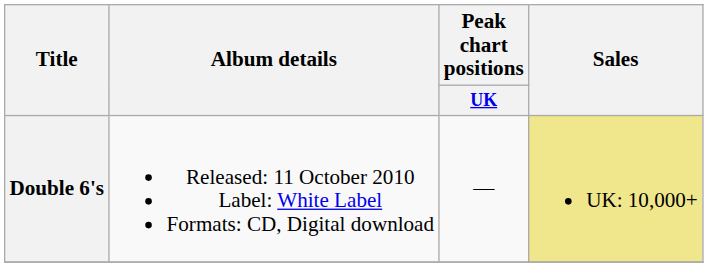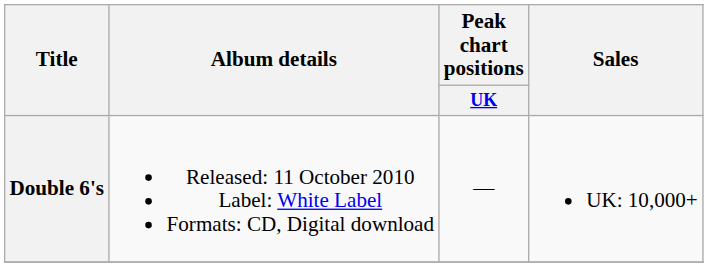 <table class="wikitable plainrowheaders" style="text-align:center;">
 <tr>
 <th scope="col" rowspan="2">Title</th>
 <th scope="col" rowspan="2">Album details</th>
 <th scope="col" colspan="1">Peak chart positions</th>
 <th scope="col" rowspan="2">Sales</th>
 </tr>
 <tr>
 <th scope="col" style="width:3em;font-size:85%;"><a href='#'>UK</a></th>
 </tr>
 <tr>
 <th scope="row">Double 6's</th>
 <td><br><ul><li>Released: 11 October 2010</li><li>Label: <a href='#'>White Label</a></li><li>Formats: CD, Digital download</li></ul></td>
 <td>—</td>
-<td style="background: khaki;"><br><ul><li>UK: 10,000+</li></ul></td>
+<td><br><ul><li>UK: 10,000+</li></ul></td>
 </tr>
 <tr>
 </tr>
 </table>
